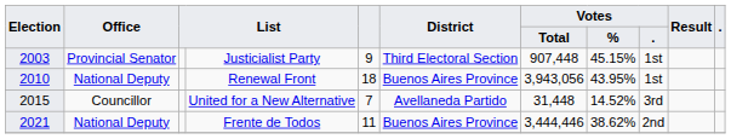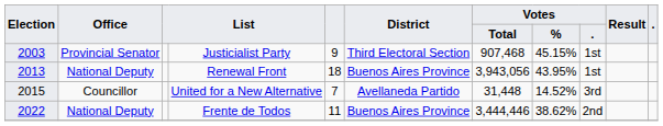 <table class="wikitable" style="font-size:90%; text-align:center;">
 <tr>
 <th style="background-color:#EAECF0;" rowspan=2>Election</th>
 <th style="background-color:#EAECF0;" rowspan=2>Office</th>
 <th style="background-color:#EAECF0;" colspan=2 rowspan=2>List</th>
 <th style="background-color:#EAECF0;" rowspan=2></th>
 <th style="background-color:#EAECF0;" rowspan=2>District</th>
 <th style="background-color:#EAECF0;" colspan=3>Votes</th>
 <th style="background-color:#EAECF0;" rowspan=2>Result</th>
 <th style="background-color:#EAECF0;" rowspan=2>.</th>
 </tr>
 <tr>
 <th style="background-color:#EAECF0;">Total</th>
 <th style="background-color:#EAECF0;">%</th>
 <th style="background-color:#EAECF0;">.</th>
 </tr>
 <tr>
 <td style="background-color:#EAECF0;"><a href='#'>2003</a></td>
 <td><a href='#'>Provincial Senator</a></td>
 <td style="background-color:"></td>
 <td><a href='#'>Justicialist Party</a></td>
 <td>9</td>
 <td><a href='#'>Third Electoral Section</a></td>
-<td>907,448</td>
+<td>907,468</td>
 <td>45.15%</td>
 <td>1st</td>
 <td></td>
 <td></td>
 </tr>
 <tr>
-<td style="background-color:#EAECF0;"><a href='#'>2010</a></td>
+<td style="background-color:#EAECF0;"><a href='#'>2013</a></td>
 <td><a href='#'>National Deputy</a></td>
 <td style="background-color:"></td>
 <td><a href='#'>Renewal Front</a></td>
 <td>18</td>
 <td><a href='#'>Buenos Aires Province</a></td>
 <td>3,943,056</td>
 <td>43.95%</td>
 <td>1st</td>
 <td></td>
 <td></td>
 </tr>
 <tr>
 <td style="background-color:#EAECF0;">2015</td>
 <td>Councillor</td>
 <td style="background-color:"></td>
 <td><a href='#'>United for a New Alternative</a></td>
 <td>7</td>
 <td><a href='#'>Avellaneda Partido</a></td>
 <td>31,448</td>
 <td>14.52%</td>
 <td>3rd</td>
 <td></td>
 <td></td>
 </tr>
 <tr>
-<td style="background-color:#EAECF0;"><a href='#'>2021</a></td>
+<td style="background-color:#EAECF0;"><a href='#'>2022</a></td>
 <td><a href='#'>National Deputy</a></td>
 <td style="background-color:"></td>
 <td><a href='#'>Frente de Todos</a></td>
 <td>11</td>
 <td><a href='#'>Buenos Aires Province</a></td>
 <td>3,444,446</td>
 <td>38.62%</td>
 <td>2nd</td>
 <td></td>
 <td></td>
 </tr>
 <tr>
 </tr>
 </table>
